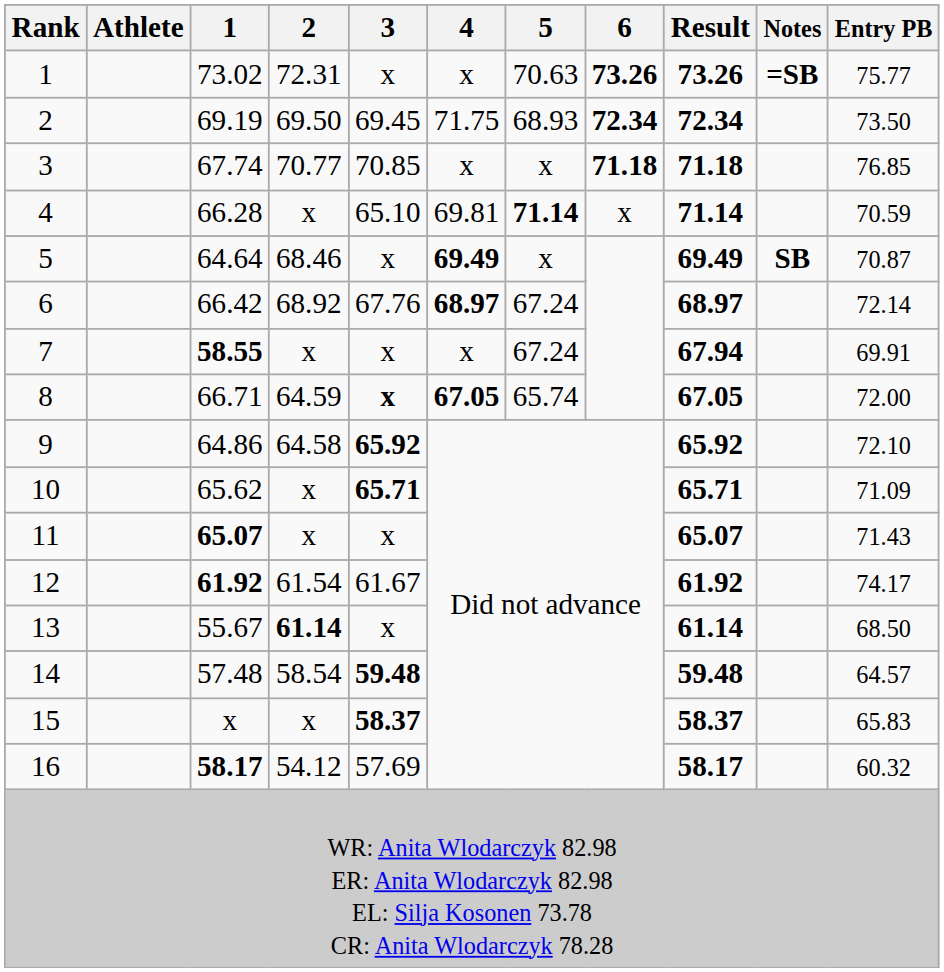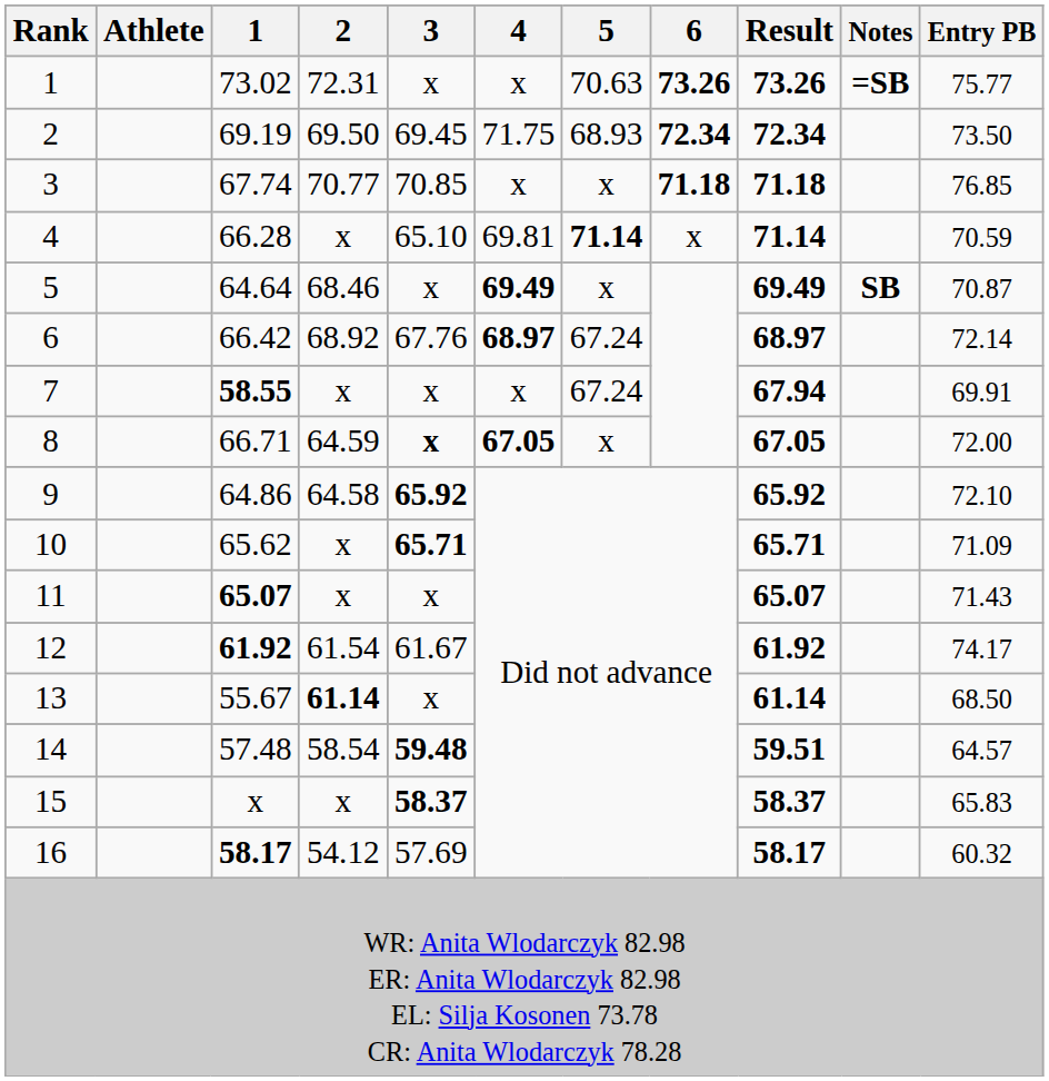 <table class="wikitable sortable" style="text-align:center;">
 <tr>
 <th>Rank</th>
 <th>Athlete</th>
 <th>1</th>
 <th>2</th>
 <th>3</th>
 <th>4</th>
 <th>5</th>
 <th>6</th>
 <th>Result</th>
 <th><small>Notes</small></th>
 <th><small>Entry PB</small></th>
 </tr>
 <tr>
 <td>1</td>
 <td align=left></td>
 <td>73.02</td>
 <td>72.31</td>
 <td>x</td>
 <td>x</td>
 <td>70.63</td>
 <td><strong>73.26</strong></td>
 <td><strong>73.26</strong></td>
 <td> <strong>=SB</strong></td>
 <td><small>75.77</small></td>
 </tr>
 <tr>
 <td>2</td>
 <td align=left></td>
 <td>69.19</td>
 <td>69.50</td>
 <td>69.45</td>
 <td>71.75</td>
 <td>68.93</td>
 <td><strong>72.34</strong></td>
 <td><strong>72.34</strong></td>
 <td></td>
 <td><small>73.50</small></td>
 </tr>
 <tr>
 <td>3</td>
 <td align=left></td>
 <td>67.74</td>
 <td>70.77</td>
 <td>70.85</td>
 <td>x</td>
 <td>x</td>
 <td><strong>71.18</strong></td>
 <td><strong>71.18</strong></td>
 <td></td>
 <td><small>76.85</small></td>
 </tr>
 <tr>
 <td>4</td>
 <td align=left></td>
 <td>66.28</td>
 <td>x</td>
 <td>65.10</td>
 <td>69.81</td>
 <td><strong>71.14</strong></td>
 <td>x</td>
 <td><strong>71.14</strong></td>
 <td></td>
 <td><small>70.59</small></td>
 </tr>
 <tr>
 <td>5</td>
 <td align=left></td>
 <td>64.64</td>
 <td>68.46</td>
 <td>x</td>
 <td><strong>69.49</strong></td>
 <td>x</td>
 <td rowspan=4></td>
 <td><strong>69.49</strong></td>
 <td><strong>SB</strong></td>
 <td><small>70.87</small></td>
 </tr>
 <tr>
 <td>6</td>
 <td align=left></td>
 <td>66.42</td>
 <td>68.92</td>
 <td>67.76</td>
 <td><strong>68.97</strong></td>
 <td>67.24</td>
 <td><strong>68.97</strong></td>
 <td></td>
 <td><small>72.14</small></td>
 </tr>
 <tr>
 <td>7</td>
 <td align=left></td>
 <td><strong>58.55</strong></td>
 <td>x</td>
 <td>x</td>
 <td>x</td>
 <td>67.24</td>
 <td><strong>67.94</strong></td>
 <td></td>
 <td><small>69.91</small></td>
 </tr>
 <tr>
 <td>8</td>
 <td align=left></td>
 <td>66.71</td>
 <td>64.59</td>
 <td><strong>x</strong></td>
 <td><strong>67.05</strong></td>
-<td>65.74</td>
+<td>x</td>
 <td><strong>67.05</strong></td>
 <td></td>
 <td><small>72.00</small></td>
 </tr>
 <tr>
 <td>9</td>
 <td align=left></td>
 <td>64.86</td>
 <td>64.58</td>
 <td><strong>65.92</strong></td>
 <td rowspan=8 colspan=3>Did not advance</td>
 <td><strong>65.92</strong></td>
 <td></td>
 <td><small>72.10</small></td>
 </tr>
 <tr>
 <td>10</td>
 <td align=left></td>
 <td>65.62</td>
 <td>x</td>
 <td><strong>65.71</strong></td>
 <td><strong>65.71</strong></td>
 <td></td>
 <td><small>71.09</small></td>
 </tr>
 <tr>
 <td>11</td>
 <td align=left></td>
 <td><strong>65.07</strong></td>
 <td>x</td>
 <td>x</td>
 <td><strong>65.07</strong></td>
 <td></td>
 <td><small>71.43</small></td>
 </tr>
 <tr>
 <td>12</td>
 <td align=left></td>
 <td><strong>61.92</strong></td>
 <td>61.54</td>
 <td>61.67</td>
 <td><strong>61.92</strong></td>
 <td></td>
 <td><small>74.17</small></td>
 </tr>
 <tr>
 <td>13</td>
 <td align=left></td>
 <td>55.67</td>
 <td><strong>61.14</strong></td>
 <td>x</td>
 <td><strong>61.14</strong></td>
 <td></td>
 <td><small>68.50</small></td>
 </tr>
 <tr>
 <td>14</td>
 <td align=left></td>
 <td>57.48</td>
 <td>58.54</td>
 <td><strong>59.48</strong></td>
-<td><strong>59.48</strong></td>
+<td><strong>59.51</strong></td>
 <td></td>
 <td><small>64.57</small></td>
 </tr>
 <tr>
 <td>15</td>
 <td align=left></td>
 <td>x</td>
 <td>x</td>
 <td><strong>58.37</strong></td>
 <td><strong>58.37</strong></td>
 <td></td>
 <td><small>65.83</small></td>
 </tr>
 <tr>
 <td>16</td>
 <td align=left></td>
 <td><strong>58.17</strong></td>
 <td>54.12</td>
 <td>57.69</td>
 <td><strong>58.17</strong></td>
 <td></td>
 <td><small>60.32</small></td>
 </tr>
 <tr>
 <td colspan="11" bgcolor="#cccccc"><br> <small>WR:  <a href='#'>Anita Wlodarczyk</a> 82.98<br>ER:  <a href='#'>Anita Wlodarczyk</a> 82.98<br></small> <small>EL:   <a href='#'>Silja Kosonen</a> 73.78<br>CR:  <a href='#'>Anita Wlodarczyk</a> 78.28</small></td>
 </tr>
 </table>
